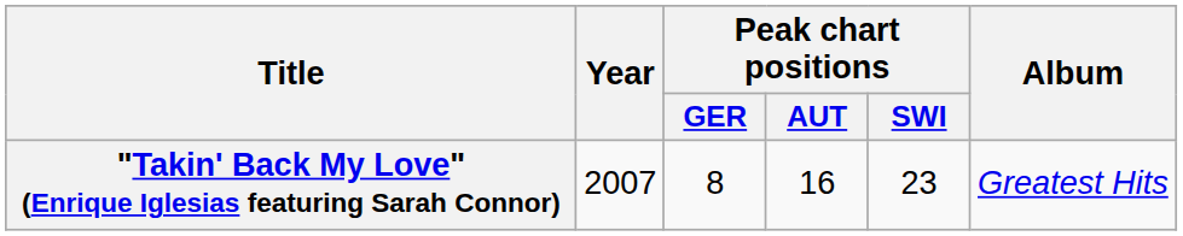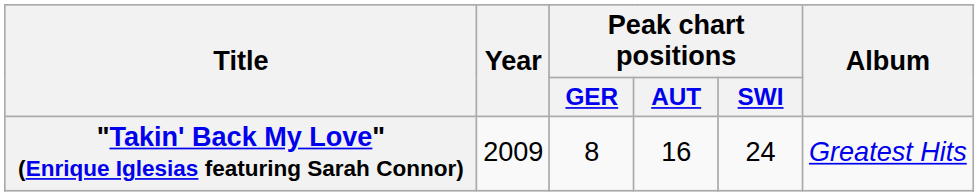 <table class="wikitable plainrowheaders" style="text-align:center;">
 <tr>
 <th scope="col" rowspan="2" style="width:17em;">Title</th>
 <th scope="col" rowspan="2">Year</th>
 <th scope="col" colspan="3">Peak chart positions</th>
 <th scope="col" rowspan="2">Album</th>
 </tr>
 <tr>
 <th scope="col" style="width:3em;font-size:90%;"><a href='#'>GER</a><br></th>
 <th scope="col" style="width:3em;font-size:90%;"><a href='#'>AUT</a><br></th>
 <th scope="col" style="width:3em;font-size:90%;"><a href='#'>SWI</a><br></th>
 </tr>
 <tr>
 <th scope="row">"<a href='#'>Takin' Back My Love</a>"<br><small>(<a href='#'>Enrique Iglesias</a> featuring Sarah Connor)</small></th>
-<td>2007</td>
+<td>2009</td>
 <td>8</td>
 <td>16</td>
-<td>23</td>
+<td>24</td>
 <td><em><a href='#'>Greatest Hits</a></em></td>
 </tr>
 </table>
